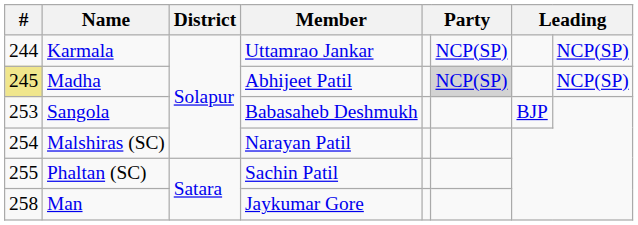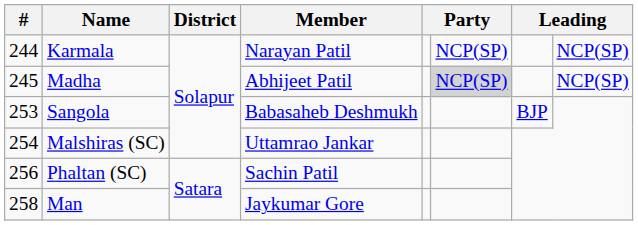 <table class="wikitable">
 <tr>
 <th>#</th>
 <th>Name</th>
 <th>District</th>
 <th>Member</th>
 <th colspan="2">Party</th>
 <th colspan=2>Leading<br></th>
 </tr>
 <tr>
 <td>244</td>
 <td><a href='#'>Karmala</a></td>
 <td rowspan=4><a href='#'>Solapur</a></td>
-<td><a href='#'>Uttamrao Jankar</a></td>
+<td><a href='#'>Narayan Patil</a></td>
 <td style="background-color: "></td>
 <td><a href='#'>NCP(SP)</a></td>
 <td style="background-color: "></td>
 <td><a href='#'>NCP(SP)</a></td>
 </tr>
 <tr>
-<td style="background: khaki;">245</td>
+<td>245</td>
 <td><a href='#'>Madha</a></td>
 <td><a href='#'>Abhijeet Patil</a></td>
 <td style="background-color: "></td>
 <td style="background: lightgrey;"><a href='#'>NCP(SP)</a></td>
 <td style="background-color: "></td>
 <td><a href='#'>NCP(SP)</a></td>
 </tr>
 <tr>
 <td>253</td>
 <td><a href='#'>Sangola</a></td>
 <td><a href='#'>Babasaheb Deshmukh</a></td>
 <td></td>
 <td style="background-color: "></td>
 <td><a href='#'>BJP</a></td>
 </tr>
 <tr>
 <td>254</td>
 <td><a href='#'>Malshiras</a> (SC)</td>
-<td><a href='#'>Narayan Patil</a></td>
+<td><a href='#'>Uttamrao Jankar</a></td>
 <td></td>
 <td></td>
 </tr>
 <tr>
-<td>255</td>
+<td>256</td>
 <td><a href='#'>Phaltan</a> (SC)</td>
 <td rowspan=2><a href='#'>Satara</a></td>
 <td><a href='#'> Sachin Patil</a></td>
 <td></td>
 <td></td>
 </tr>
 <tr>
 <td>258</td>
 <td><a href='#'>Man</a></td>
 <td><a href='#'>Jaykumar Gore</a></td>
 <td></td>
 <td></td>
 </tr>
 </table>
